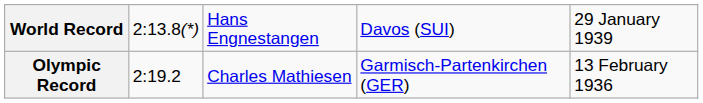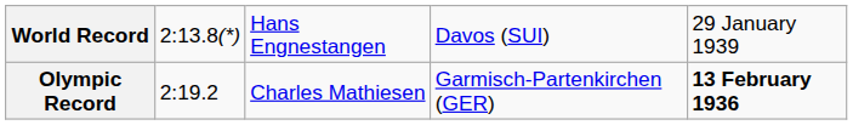 <table class="wikitable" style="font-size:95%;">
 <tr>
 <th>World Record</th>
 <td>2:13.8<em>(*)</em></td>
 <td> <a href='#'>Hans Engnestangen</a></td>
 <td><a href='#'>Davos</a> (<a href='#'>SUI</a>)</td>
 <td>29 January 1939</td>
 </tr>
 <tr>
 <th>Olympic Record</th>
 <td>2:19.2</td>
 <td> <a href='#'>Charles Mathiesen</a></td>
 <td><a href='#'>Garmisch-Partenkirchen</a> (<a href='#'>GER</a>)</td>
-<td>13 February 1936</td>
+<td><strong>13 February 1936</strong></td>
 </tr>
 </table>
